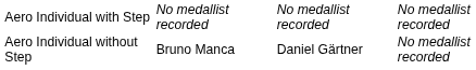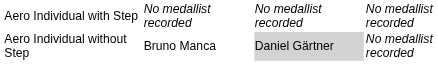 <table>
 <tr>
 <td>Aero Individual with Step</td>
 <td><em>No medallist recorded</em></td>
 <td><em>No medallist recorded</em></td>
 <td><em>No medallist recorded</em></td>
 </tr>
 <tr>
 <td>Aero Individual without Step</td>
 <td>Bruno Manca </td>
-<td>Daniel Gärtner </td>
+<td style="background: lightgrey;">Daniel Gärtner </td>
 <td><em>No medallist recorded</em></td>
 </tr>
 <tr>
 </tr>
 </table>
